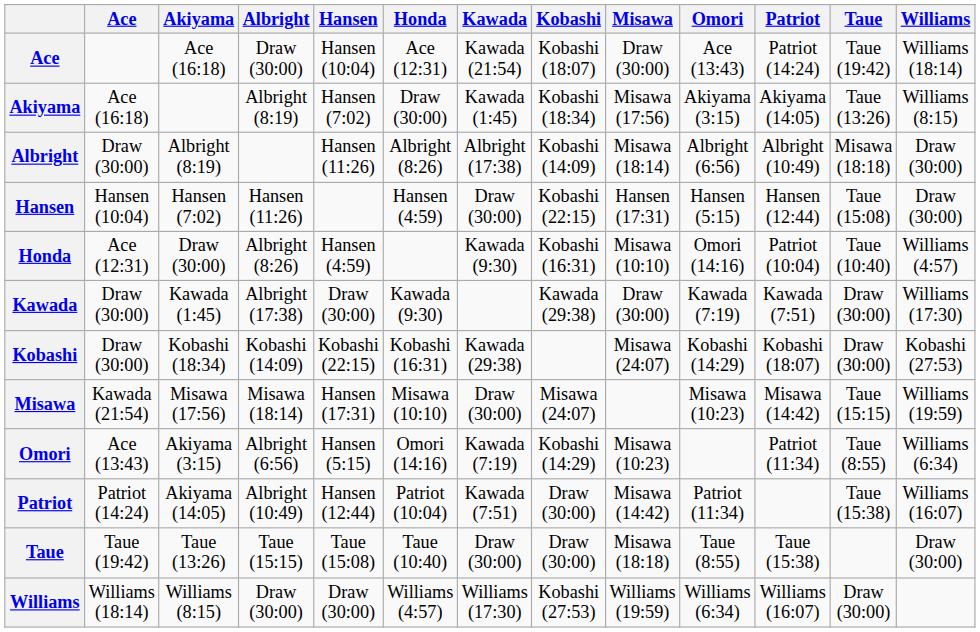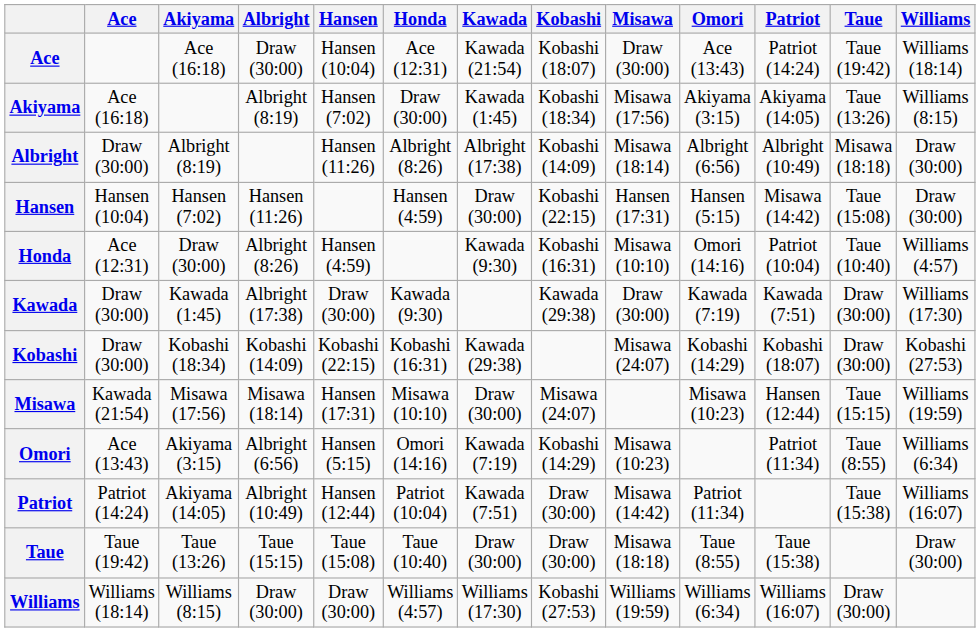 <table class="wikitable" style="margin: 1em auto 1em auto; text-align:center;">
 <tr>
 <th></th>
 <th><a href='#'>Ace</a></th>
 <th><a href='#'>Akiyama</a></th>
 <th><a href='#'>Albright</a></th>
 <th><a href='#'>Hansen</a></th>
 <th><a href='#'>Honda</a></th>
 <th><a href='#'>Kawada</a></th>
 <th><a href='#'>Kobashi</a></th>
 <th><a href='#'>Misawa</a></th>
 <th><a href='#'>Omori</a></th>
 <th><a href='#'>Patriot</a></th>
 <th><a href='#'>Taue</a></th>
 <th><a href='#'>Williams</a></th>
 </tr>
 <tr>
 <th><a href='#'>Ace</a></th>
 <td></td>
 <td>Ace<br>(16:18)</td>
 <td>Draw<br>(30:00)</td>
 <td>Hansen<br>(10:04)</td>
 <td>Ace<br>(12:31)</td>
 <td>Kawada<br>(21:54)</td>
 <td>Kobashi<br>(18:07)</td>
 <td>Draw<br>(30:00)</td>
 <td>Ace<br>(13:43)</td>
 <td>Patriot<br>(14:24)</td>
 <td>Taue<br>(19:42)</td>
 <td>Williams<br>(18:14)</td>
 </tr>
 <tr>
 <th><a href='#'>Akiyama</a></th>
 <td>Ace<br>(16:18)</td>
 <td></td>
 <td>Albright<br>(8:19)</td>
 <td>Hansen<br>(7:02)</td>
 <td>Draw<br>(30:00)</td>
 <td>Kawada<br>(1:45)</td>
 <td>Kobashi<br>(18:34)</td>
 <td>Misawa<br>(17:56)</td>
 <td>Akiyama<br>(3:15)</td>
 <td>Akiyama<br>(14:05)</td>
 <td>Taue<br>(13:26)</td>
 <td>Williams<br>(8:15)</td>
 </tr>
 <tr>
 <th><a href='#'>Albright</a></th>
 <td>Draw<br>(30:00)</td>
 <td>Albright<br>(8:19)</td>
 <td></td>
 <td>Hansen<br>(11:26)</td>
 <td>Albright<br>(8:26)</td>
 <td>Albright<br>(17:38)</td>
 <td>Kobashi<br>(14:09)</td>
 <td>Misawa<br>(18:14)</td>
 <td>Albright<br>(6:56)</td>
 <td>Albright<br>(10:49)</td>
 <td>Misawa<br>(18:18)</td>
 <td>Draw<br>(30:00)</td>
 </tr>
 <tr>
 <th><a href='#'>Hansen</a></th>
 <td>Hansen<br>(10:04)</td>
 <td>Hansen<br>(7:02)</td>
 <td>Hansen<br>(11:26)</td>
 <td></td>
 <td>Hansen<br>(4:59)</td>
 <td>Draw<br>(30:00)</td>
 <td>Kobashi<br>(22:15)</td>
 <td>Hansen<br>(17:31)</td>
 <td>Hansen<br>(5:15)</td>
-<td>Hansen<br>(12:44)</td>
+<td>Misawa<br>(14:42)</td>
 <td>Taue<br>(15:08)</td>
 <td>Draw<br>(30:00)</td>
 </tr>
 <tr>
 <th><a href='#'>Honda</a></th>
 <td>Ace<br>(12:31)</td>
 <td>Draw<br>(30:00)</td>
 <td>Albright<br>(8:26)</td>
 <td>Hansen<br>(4:59)</td>
 <td></td>
 <td>Kawada<br>(9:30)</td>
 <td>Kobashi<br>(16:31)</td>
 <td>Misawa<br>(10:10)</td>
 <td>Omori<br>(14:16)</td>
 <td>Patriot<br>(10:04)</td>
 <td>Taue<br>(10:40)</td>
 <td>Williams<br>(4:57)</td>
 </tr>
 <tr>
 <th><a href='#'>Kawada</a></th>
 <td>Draw<br>(30:00)</td>
 <td>Kawada<br>(1:45)</td>
 <td>Albright<br>(17:38)</td>
 <td>Draw<br>(30:00)</td>
 <td>Kawada<br>(9:30)</td>
 <td></td>
 <td>Kawada<br>(29:38)</td>
 <td>Draw<br>(30:00)</td>
 <td>Kawada<br>(7:19)</td>
 <td>Kawada<br>(7:51)</td>
 <td>Draw<br>(30:00)</td>
 <td>Williams<br>(17:30)</td>
 </tr>
 <tr>
 <th><a href='#'>Kobashi</a></th>
 <td>Draw<br>(30:00)</td>
 <td>Kobashi<br>(18:34)</td>
 <td>Kobashi<br>(14:09)</td>
 <td>Kobashi<br>(22:15)</td>
 <td>Kobashi<br>(16:31)</td>
 <td>Kawada<br>(29:38)</td>
 <td></td>
 <td>Misawa<br>(24:07)</td>
 <td>Kobashi<br>(14:29)</td>
 <td>Kobashi<br>(18:07)</td>
 <td>Draw<br>(30:00)</td>
 <td>Kobashi<br>(27:53)</td>
 </tr>
 <tr>
 <th><a href='#'>Misawa</a></th>
 <td>Kawada<br>(21:54)</td>
 <td>Misawa<br>(17:56)</td>
 <td>Misawa<br>(18:14)</td>
 <td>Hansen<br>(17:31)</td>
 <td>Misawa<br>(10:10)</td>
 <td>Draw<br>(30:00)</td>
 <td>Misawa<br>(24:07)</td>
 <td></td>
 <td>Misawa<br>(10:23)</td>
-<td>Misawa<br>(14:42)</td>
+<td>Hansen<br>(12:44)</td>
 <td>Taue<br>(15:15)</td>
 <td>Williams<br>(19:59)</td>
 </tr>
 <tr>
 <th><a href='#'>Omori</a></th>
 <td>Ace<br>(13:43)</td>
 <td>Akiyama<br>(3:15)</td>
 <td>Albright<br>(6:56)</td>
 <td>Hansen<br>(5:15)</td>
 <td>Omori<br>(14:16)</td>
 <td>Kawada<br>(7:19)</td>
 <td>Kobashi<br>(14:29)</td>
 <td>Misawa<br>(10:23)</td>
 <td></td>
 <td>Patriot<br>(11:34)</td>
 <td>Taue<br>(8:55)</td>
 <td>Williams<br>(6:34)</td>
 </tr>
 <tr>
 <th><a href='#'>Patriot</a></th>
 <td>Patriot<br>(14:24)</td>
 <td>Akiyama<br>(14:05)</td>
 <td>Albright<br>(10:49)</td>
 <td>Hansen<br>(12:44)</td>
 <td>Patriot<br>(10:04)</td>
 <td>Kawada<br>(7:51)</td>
 <td>Draw<br>(30:00)</td>
 <td>Misawa<br>(14:42)</td>
 <td>Patriot<br>(11:34)</td>
 <td></td>
 <td>Taue<br>(15:38)</td>
 <td>Williams<br>(16:07)</td>
 </tr>
 <tr>
 <th><a href='#'>Taue</a></th>
 <td>Taue<br>(19:42)</td>
 <td>Taue<br>(13:26)</td>
 <td>Taue<br>(15:15)</td>
 <td>Taue<br>(15:08)</td>
 <td>Taue<br>(10:40)</td>
 <td>Draw<br>(30:00)</td>
 <td>Draw<br>(30:00)</td>
 <td>Misawa<br>(18:18)</td>
 <td>Taue<br>(8:55)</td>
 <td>Taue<br>(15:38)</td>
 <td></td>
 <td>Draw<br>(30:00)</td>
 </tr>
 <tr>
 <th><a href='#'>Williams</a></th>
 <td>Williams<br>(18:14)</td>
 <td>Williams<br>(8:15)</td>
 <td>Draw<br>(30:00)</td>
 <td>Draw<br>(30:00)</td>
 <td>Williams<br>(4:57)</td>
 <td>Williams<br>(17:30)</td>
 <td>Kobashi<br>(27:53)</td>
 <td>Williams<br>(19:59)</td>
 <td>Williams<br>(6:34)</td>
 <td>Williams<br>(16:07)</td>
 <td>Draw<br>(30:00)</td>
 <td></td>
 </tr>
 </table>
